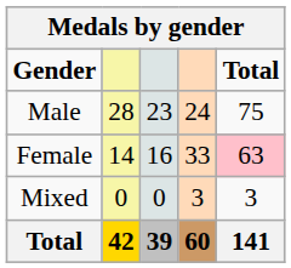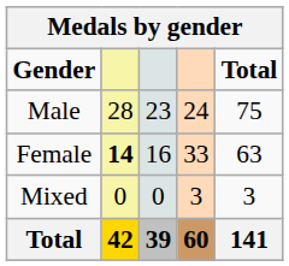 <table class="wikitable" style="font-size:85%; float:right">
 <tr style="background:#efefef;">
 <th colspan=5><strong>Medals by gender</strong></th>
 </tr>
 <tr align=center>
 <td><strong>Gender</strong></td>
 <td style="background:#f7f6a8;"></td>
 <td style="background:#dce5e5;"></td>
 <td style="background:#ffdab9;"></td>
 <td><strong>Total</strong></td>
 </tr>
 <tr align=center>
 <td>Male</td>
 <td style="background:#F7F6A8;">28</td>
 <td style="background:#DCE5E5;">23</td>
 <td style="background:#FFDAB9;">24</td>
 <td>75</td>
 </tr>
 <tr align=center>
 <td>Female</td>
-<td style="background:#F7F6A8;">14</td>
+<td style="background:#F7F6A8;"><strong>14</strong></td>
 <td style="background:#DCE5E5;">16</td>
 <td style="background:#FFDAB9;">33</td>
-<td style="background: pink;">63</td>
+<td>63</td>
 </tr>
 <tr align=center>
 <td>Mixed</td>
 <td style="background:#F7F6A8;">0</td>
 <td style="background:#DCE5E5;">0</td>
 <td style="background:#FFDAB9;">3</td>
 <td>3</td>
 </tr>
 <tr align=center>
 <th><strong>Total</strong></th>
 <th style="background:gold;"><strong>42</strong></th>
 <th style="background:silver;"><strong>39</strong></th>
 <th style="background:#c96;"><strong>60</strong></th>
 <th><strong>141</strong></th>
 </tr>
 </table>
